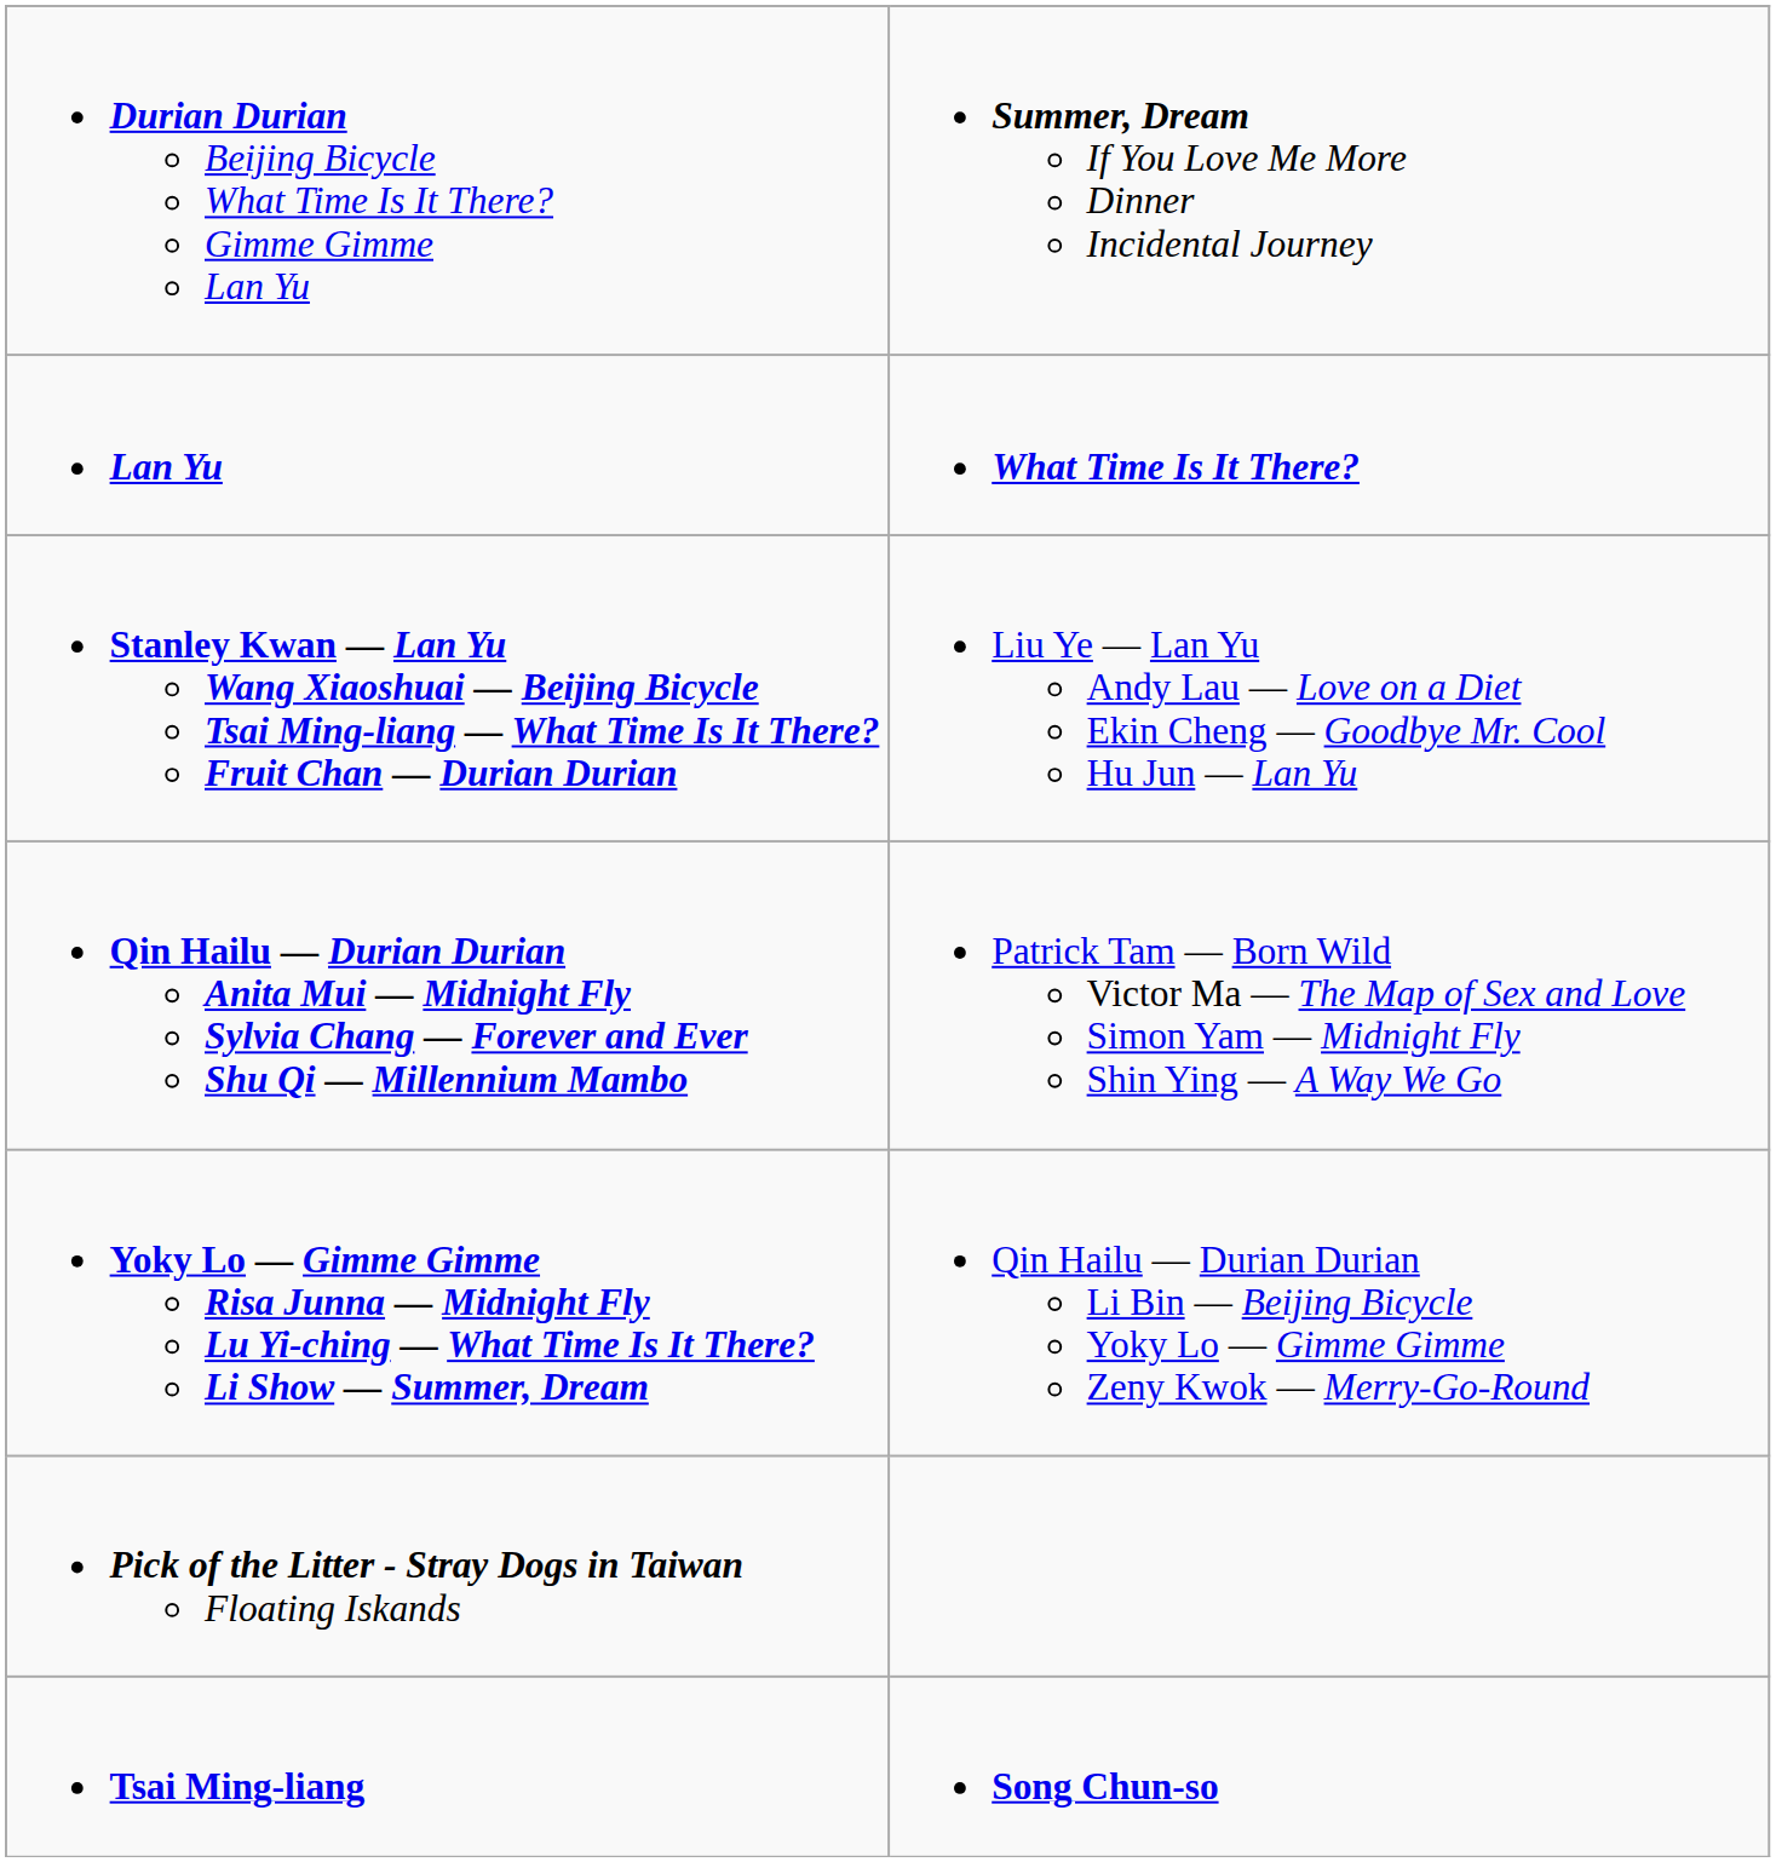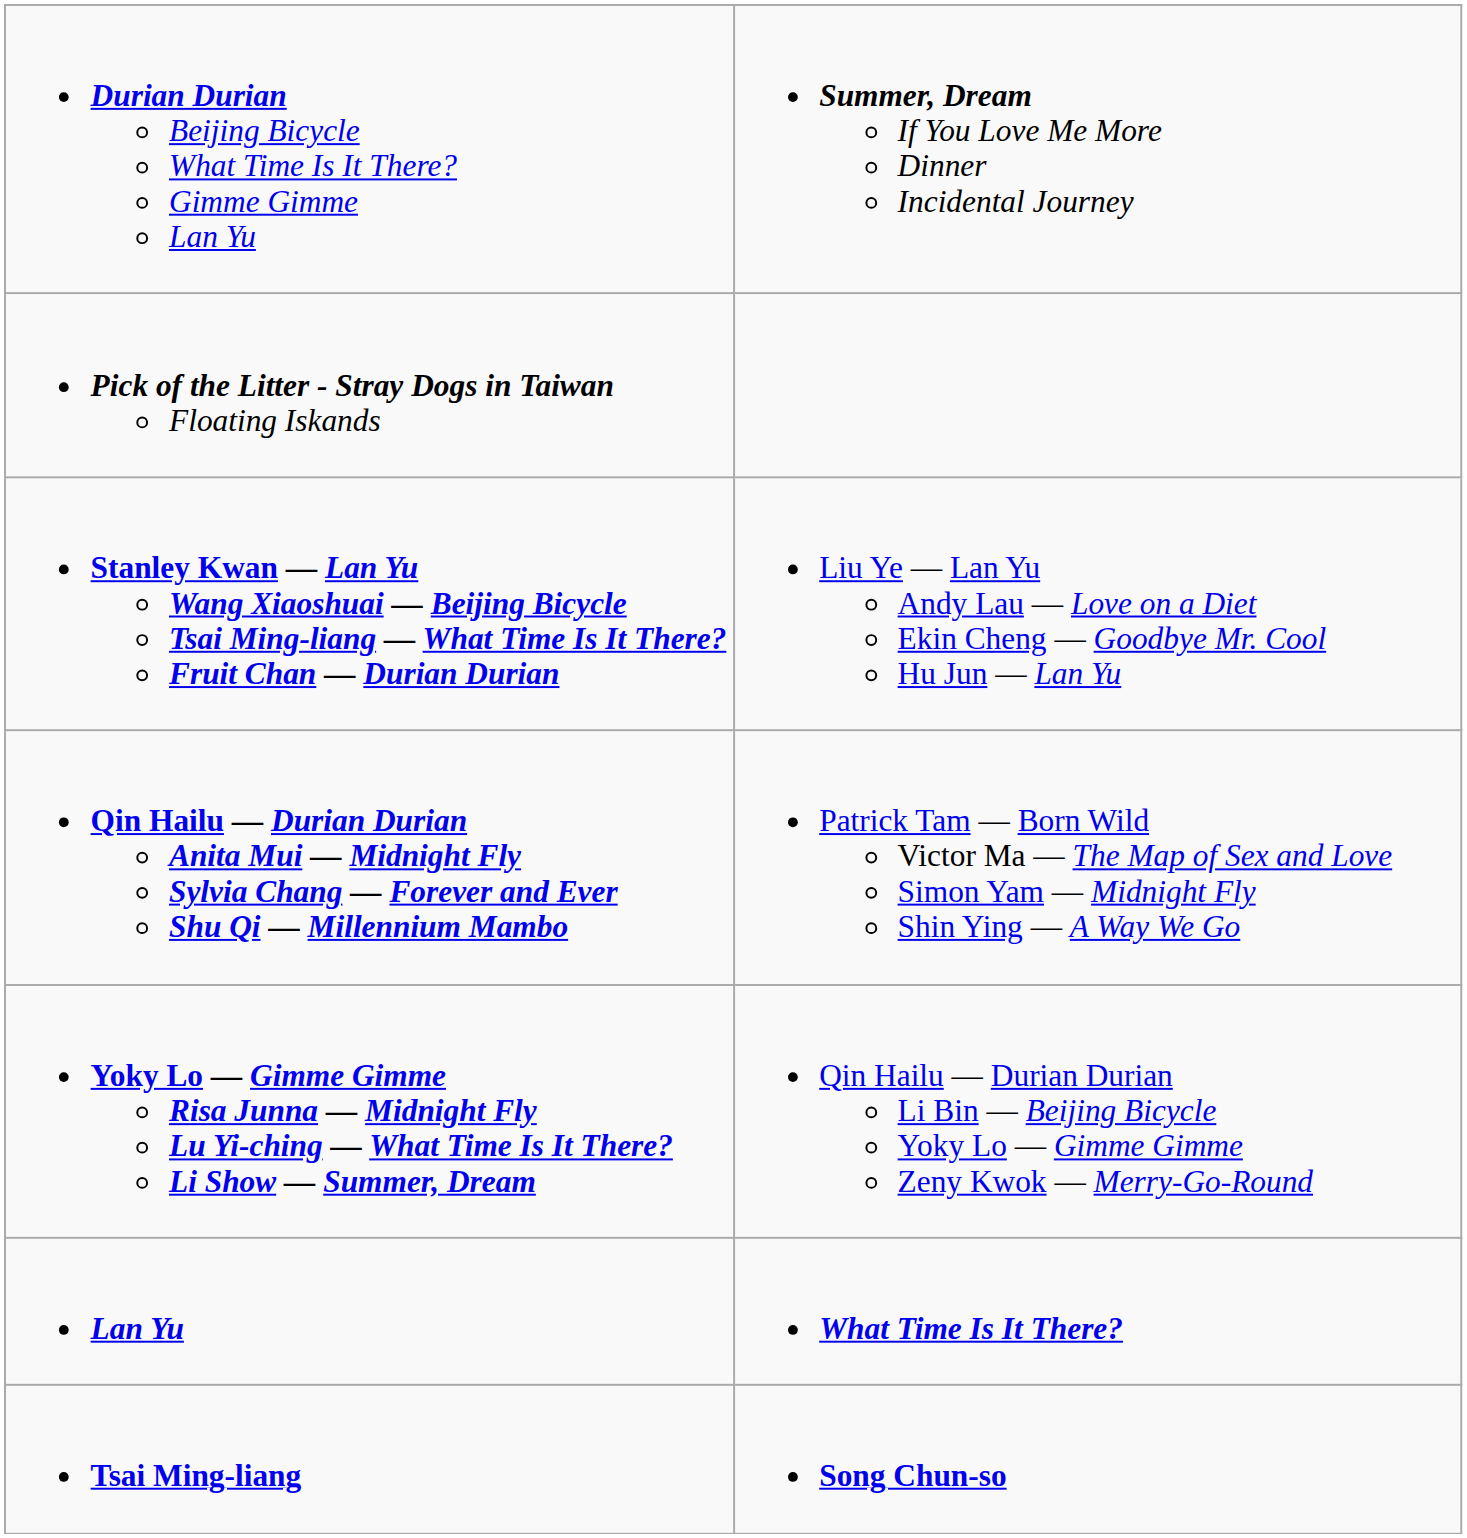 <table class=wikitable>
 <tr>
 <td valign="top" width="50%"><br><ul><li><strong><em><a href='#'>Durian Durian</a></em></strong><ul><li><em><a href='#'>Beijing Bicycle</a></em></li><li><em><a href='#'>What Time Is It There?</a></em></li><li><em><a href='#'>Gimme Gimme</a></em></li><li><em><a href='#'>Lan Yu</a></em></li></ul></li></ul></td>
 <td valign="top" width="50%"><br><ul><li><strong><em>Summer, Dream</em></strong><ul><li><em>If You Love Me More</em></li><li><em>Dinner</em></li><li><em>Incidental Journey</em></li></ul></li></ul></td>
 </tr>
 <tr>
-<td valign="top" width="50%"><br><ul><li><strong><em><a href='#'>Lan Yu</a></em></strong></li></ul></td>
-<td valign="top" width="50%"><br><ul><li><strong><em><a href='#'>What Time Is It There?</a></em></strong></li></ul></td>
+<td valign="top" width="50%"><br><ul><li><strong><em>Pick of the Litter - Stray Dogs in Taiwan</em></strong><ul><li><em>Floating Iskands</em></li></ul></li></ul></td>
+<td valign="top" width="50%"><br> </td>
 </tr>
 <tr>
 <td valign="top" width="50%"><br><ul><li><strong><a href='#'>Stanley Kwan</a> — <em><a href='#'>Lan Yu</a><strong><em><ul><li><a href='#'>Wang Xiaoshuai</a>  — </em><a href='#'>Beijing Bicycle</a><em></li><li><a href='#'>Tsai Ming-liang</a> — </em><a href='#'>What Time Is It There?</a><em></li><li><a href='#'>Fruit Chan</a> — </em><a href='#'>Durian Durian</a><em></li></ul></li></ul></td>
 <td valign="top" width="50%"><br><ul><li></strong><a href='#'>Liu Ye</a> — </em><a href='#'>Lan Yu</a></em></strong><ul><li><a href='#'>Andy Lau</a> — <em><a href='#'>Love on a Diet</a></em></li><li><a href='#'>Ekin Cheng</a> — <em><a href='#'>Goodbye Mr. Cool </a></em></li><li><a href='#'>Hu Jun</a> — <em><a href='#'>Lan Yu</a></em></li></ul></li></ul></td>
 </tr>
 <tr>
 <td valign="top" width="50%"><br><ul><li><strong><a href='#'>Qin Hailu</a> — <em><a href='#'>Durian Durian</a><strong><em><ul><li><a href='#'>Anita Mui</a> — </em><a href='#'>Midnight Fly</a><em></li><li><a href='#'>Sylvia Chang</a> — </em><a href='#'>Forever and Ever</a><em></li><li><a href='#'>Shu Qi</a> — </em><a href='#'>Millennium Mambo</a><em></li></ul></li></ul></td>
 <td valign="top" width="50%"><br><ul><li></strong><a href='#'>Patrick Tam</a> — </em><a href='#'>Born Wild</a></em></strong><ul><li>Victor Ma — <em><a href='#'>The Map of Sex and Love</a></em></li><li><a href='#'>Simon Yam</a> — <em><a href='#'>Midnight Fly</a></em></li><li><a href='#'>Shin Ying</a> — <em><a href='#'>A Way We Go</a></em></li></ul></li></ul></td>
 </tr>
 <tr>
 <td valign="top" width="50%"><br><ul><li><strong><a href='#'>Yoky Lo</a> — <em><a href='#'>Gimme Gimme</a><strong><em><ul><li><a href='#'>Risa Junna</a> — </em><a href='#'>Midnight Fly</a><em></li><li><a href='#'>Lu Yi-ching</a> — </em><a href='#'>What Time Is It There?</a><em></li><li><a href='#'>Li Show</a> — </em><a href='#'>Summer, Dream</a><em></li></ul></li></ul></td>
 <td valign="top" width="50%"><br><ul><li></strong><a href='#'>Qin Hailu</a> — </em><a href='#'>Durian Durian</a></em></strong><ul><li><a href='#'>Li Bin</a> — <em><a href='#'>Beijing Bicycle</a></em></li><li><a href='#'>Yoky Lo</a> — <em><a href='#'>Gimme Gimme</a></em></li><li><a href='#'>Zeny Kwok</a> — <em><a href='#'>Merry-Go-Round</a></em></li></ul></li></ul></td>
 </tr>
 <tr>
-<td valign="top" width="50%"><br><ul><li><strong><em>Pick of the Litter - Stray Dogs in Taiwan</em></strong><ul><li><em>Floating Iskands</em></li></ul></li></ul></td>
-<td valign="top" width="50%"><br> </td>
+<td valign="top" width="50%"><br><ul><li><strong><em><a href='#'>Lan Yu</a></em></strong></li></ul></td>
+<td valign="top" width="50%"><br><ul><li><strong><em><a href='#'>What Time Is It There?</a></em></strong></li></ul></td>
 </tr>
 <tr>
 <td valign="top" width="50%"><br><ul><li><strong><a href='#'>Tsai Ming-liang</a></strong></li></ul></td>
 <td valign="top" width="50%"><br><ul><li><strong><a href='#'>Song Chun-so</a></strong></li></ul></td>
 </tr>
 </table>
